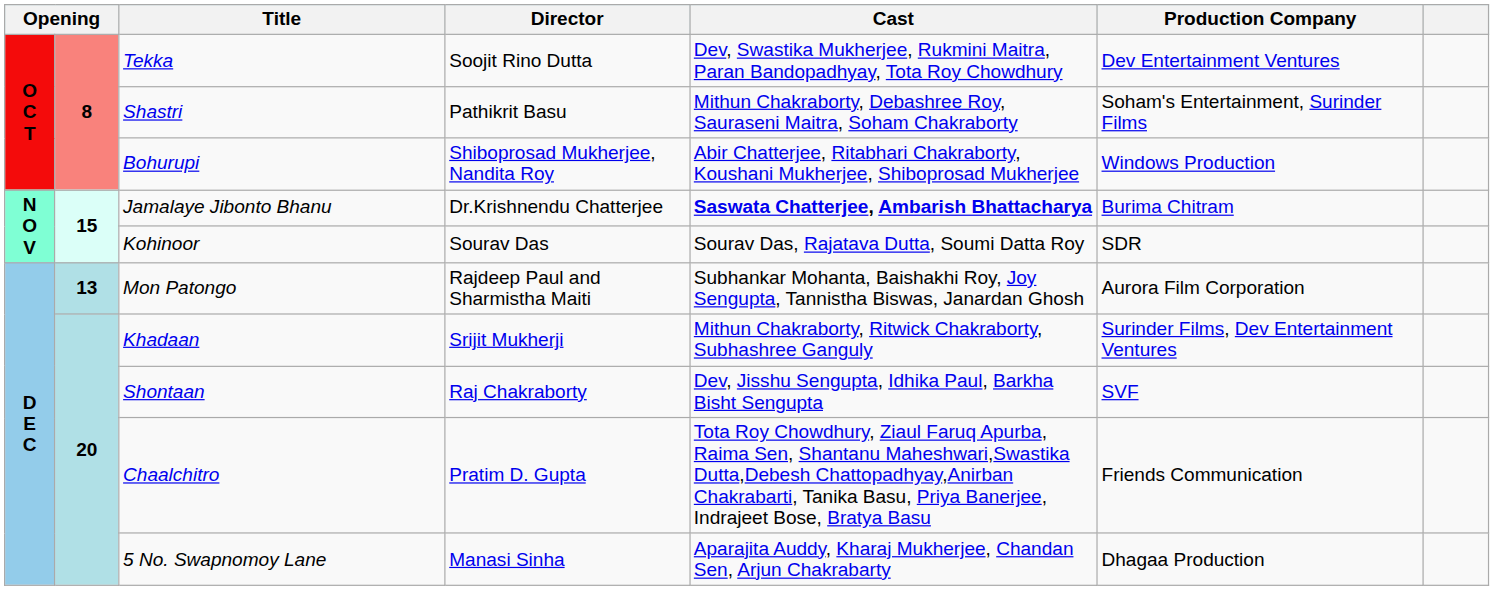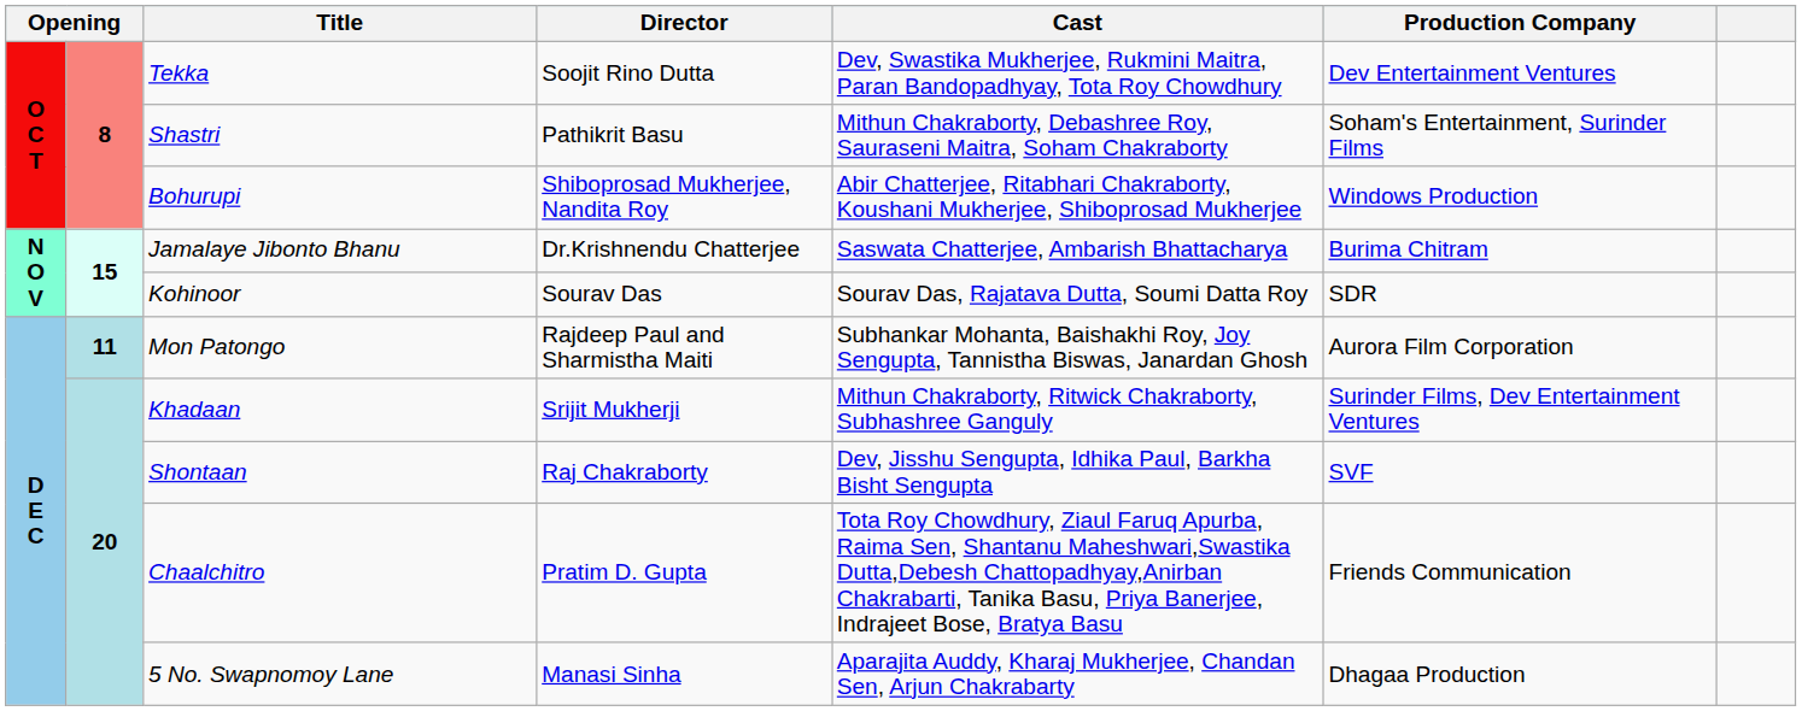 <table class="wikitable sortable">
 <tr style="background:#b0e0e6; text-align:center;">
 <th colspan="2" style="width:7%;"><strong>Opening</strong></th>
 <th style="width:20%;">Title</th>
 <th style="width:15%;">Director</th>
 <th style="width:25%;">Cast</th>
 <th style="width:20%;">Production Company</th>
 <th style="width:4%;"><strong></strong></th>
 </tr>
 <tr>
 <th rowspan="3" style="text-align:center; background:#f40b0b; textcolor:#000;"><strong>O<br>C<br>T</strong></th>
 <td rowspan="3" style="text-align:center;background:#f9827c;"><strong>8</strong></td>
 <td><em><a href='#'>Tekka</a></em></td>
 <td>Soojit Rino Dutta</td>
 <td><a href='#'>Dev</a>, <a href='#'>Swastika Mukherjee</a>, <a href='#'>Rukmini Maitra</a>, <a href='#'>Paran Bandopadhyay</a>, <a href='#'>Tota Roy Chowdhury</a></td>
 <td><a href='#'>Dev Entertainment Ventures</a></td>
 <td></td>
 </tr>
 <tr>
 <td><em><a href='#'>Shastri</a></em></td>
 <td>Pathikrit Basu</td>
 <td><a href='#'>Mithun Chakraborty</a>, <a href='#'>Debashree Roy</a>, <a href='#'>Sauraseni Maitra</a>, <a href='#'>Soham Chakraborty</a></td>
 <td>Soham's Entertainment, <a href='#'>Surinder Films</a></td>
 <td></td>
 </tr>
 <tr>
 <td><em><a href='#'>Bohurupi</a></em></td>
 <td><a href='#'>Shiboprosad Mukherjee</a>, <a href='#'>Nandita Roy</a></td>
 <td><a href='#'>Abir Chatterjee</a>, <a href='#'>Ritabhari Chakraborty</a>, <a href='#'>Koushani Mukherjee</a>, <a href='#'>Shiboprosad Mukherjee</a></td>
 <td><a href='#'>Windows Production</a></td>
 <td></td>
 </tr>
 <tr>
 <td rowspan="2" style="text-align:center; background:#7FFFD4; textcolor:#000;"><strong>N<br>O<br>V</strong></td>
 <td rowspan="2" style="text-align:center; background:#dbfff8; textcolor:#000;"><strong>15</strong></td>
 <td><em>Jamalaye Jibonto Bhanu</em></td>
 <td>Dr.Krishnendu Chatterjee</td>
-<td><strong><a href='#'>Saswata Chatterjee</a>, <a href='#'>Ambarish Bhattacharya</a></strong></td>
+<td><a href='#'>Saswata Chatterjee</a>, <a href='#'>Ambarish Bhattacharya</a></td>
 <td><a href='#'>Burima Chitram</a></td>
 <td></td>
 </tr>
 <tr>
 <td><em>Kohinoor</em></td>
 <td>Sourav Das</td>
 <td>Sourav Das, <a href='#'>Rajatava Dutta</a>, Soumi Datta Roy</td>
 <td>SDR</td>
 <td></td>
 </tr>
 <tr>
 <td rowspan="5" style="text-align:center; background:#93CCEA; textcolor:#000;"><strong>D<br>E<br>C</strong></td>
-<td rowspan="1" style="text-align:center; background:#B0E0E6;"><strong>13</strong></td>
+<td rowspan="1" style="text-align:center; background:#B0E0E6;"><strong>11</strong></td>
 <td><em>Mon Patongo</em></td>
 <td>Rajdeep Paul and Sharmistha Maiti</td>
 <td>Subhankar Mohanta, Baishakhi Roy, <a href='#'>Joy Sengupta</a>, Tannistha Biswas, Janardan Ghosh</td>
 <td>Aurora Film Corporation</td>
 <td></td>
 </tr>
 <tr>
 <td rowspan="5" style="text-align:center;background:#B0E0E6;"><strong>20</strong></td>
 <td><em><a href='#'>Khadaan</a></em></td>
 <td><a href='#'>Srijit Mukherji</a></td>
 <td><a href='#'>Mithun Chakraborty</a>, <a href='#'>Ritwick Chakraborty</a>, <a href='#'>Subhashree Ganguly</a></td>
 <td><a href='#'>Surinder Films</a>, <a href='#'>Dev Entertainment Ventures</a></td>
 <td></td>
 </tr>
 <tr>
 <td><em><a href='#'>Shontaan</a></em></td>
 <td><a href='#'>Raj Chakraborty</a></td>
 <td><a href='#'>Dev</a>, <a href='#'>Jisshu Sengupta</a>, <a href='#'>Idhika Paul</a>, <a href='#'>Barkha Bisht Sengupta</a></td>
 <td><a href='#'>SVF</a></td>
 <td></td>
 </tr>
 <tr>
 <td><em><a href='#'>Chaalchitro</a></em></td>
 <td><a href='#'>Pratim D. Gupta</a></td>
 <td><a href='#'>Tota Roy Chowdhury</a>, <a href='#'>Ziaul Faruq Apurba</a>, <a href='#'>Raima Sen</a>, <a href='#'>Shantanu Maheshwari</a>,<a href='#'>Swastika Dutta</a>,<a href='#'>Debesh Chattopadhyay</a>,<a href='#'>Anirban Chakrabarti</a>,  Tanika Basu, <a href='#'>Priya Banerjee</a>,  Indrajeet Bose, <a href='#'>Bratya Basu</a></td>
 <td>Friends Communication</td>
 <td></td>
 </tr>
 <tr>
 <td><em>5 No. Swapnomoy Lane</em></td>
 <td><a href='#'>Manasi Sinha</a></td>
 <td><a href='#'>Aparajita Auddy</a>, <a href='#'>Kharaj Mukherjee</a>, <a href='#'>Chandan Sen</a>, <a href='#'>Arjun Chakrabarty</a></td>
 <td>Dhagaa Production</td>
 <td></td>
 </tr>
 </table>
